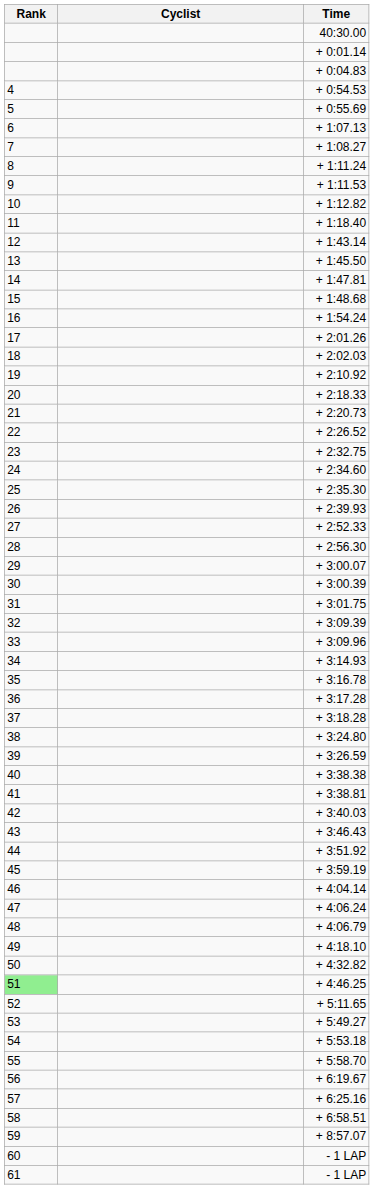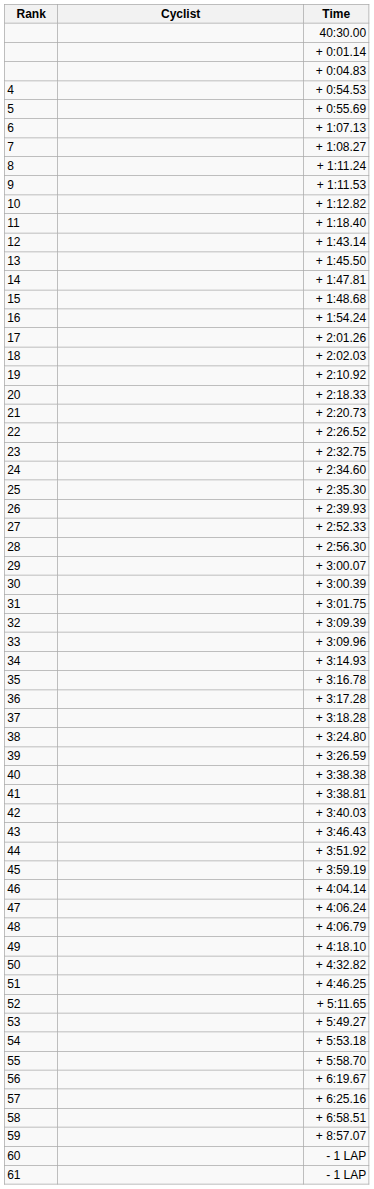 <table class="wikitable">
 <tr>
 <th style="width: 4em;">Rank</th>
 <th style="width: 20em;">Cyclist</th>
 <th style="width: 5em;">Time</th>
 </tr>
 <tr>
 <td></td>
 <td></td>
 <td align="right">40:30.00 </td>
 </tr>
 <tr>
 <td></td>
 <td></td>
 <td align="right">+ 0:01.14</td>
 </tr>
 <tr>
 <td></td>
 <td></td>
 <td align="right">+ 0:04.83</td>
 </tr>
 <tr>
 <td>4</td>
 <td></td>
 <td align="right">+ 0:54.53</td>
 </tr>
 <tr>
 <td>5</td>
 <td></td>
 <td align="right">+ 0:55.69</td>
 </tr>
 <tr>
 <td>6</td>
 <td></td>
 <td align="right">+ 1:07.13</td>
 </tr>
 <tr>
 <td>7</td>
 <td></td>
 <td align="right">+ 1:08.27</td>
 </tr>
 <tr>
 <td>8</td>
 <td></td>
 <td align="right">+ 1:11.24</td>
 </tr>
 <tr>
 <td>9</td>
 <td></td>
 <td align="right">+ 1:11.53</td>
 </tr>
 <tr>
 <td>10</td>
 <td></td>
 <td align="right">+ 1:12.82</td>
 </tr>
 <tr>
 <td>11</td>
 <td></td>
 <td align="right">+ 1:18.40</td>
 </tr>
 <tr>
 <td>12</td>
 <td></td>
 <td align="right">+ 1:43.14</td>
 </tr>
 <tr>
 <td>13</td>
 <td></td>
 <td align="right">+ 1:45.50</td>
 </tr>
 <tr>
 <td>14</td>
 <td></td>
 <td align="right">+ 1:47.81</td>
 </tr>
 <tr>
 <td>15</td>
 <td></td>
 <td align="right">+ 1:48.68</td>
 </tr>
 <tr>
 <td>16</td>
 <td></td>
 <td align="right">+ 1:54.24</td>
 </tr>
 <tr>
 <td>17</td>
 <td></td>
 <td align="right">+ 2:01.26</td>
 </tr>
 <tr>
 <td>18</td>
 <td></td>
 <td align="right">+ 2:02.03</td>
 </tr>
 <tr>
 <td>19</td>
 <td></td>
 <td align="right">+ 2:10.92</td>
 </tr>
 <tr>
 <td>20</td>
 <td></td>
 <td align="right">+ 2:18.33</td>
 </tr>
 <tr>
 <td>21</td>
 <td></td>
 <td align="right">+ 2:20.73</td>
 </tr>
 <tr>
 <td>22</td>
 <td></td>
 <td align="right">+ 2:26.52</td>
 </tr>
 <tr>
 <td>23</td>
 <td></td>
 <td align="right">+ 2:32.75</td>
 </tr>
 <tr>
 <td>24</td>
 <td></td>
 <td align="right">+ 2:34.60</td>
 </tr>
 <tr>
 <td>25</td>
 <td></td>
 <td align="right">+ 2:35.30</td>
 </tr>
 <tr>
 <td>26</td>
 <td></td>
 <td align="right">+ 2:39.93</td>
 </tr>
 <tr>
 <td>27</td>
 <td></td>
 <td align="right">+ 2:52.33</td>
 </tr>
 <tr>
 <td>28</td>
 <td></td>
 <td align="right">+ 2:56.30</td>
 </tr>
 <tr>
 <td>29</td>
 <td></td>
 <td align="right">+ 3:00.07</td>
 </tr>
 <tr>
 <td>30</td>
 <td></td>
 <td align="right">+ 3:00.39</td>
 </tr>
 <tr>
 <td>31</td>
 <td></td>
 <td align="right">+ 3:01.75</td>
 </tr>
 <tr>
 <td>32</td>
 <td></td>
 <td align="right">+ 3:09.39</td>
 </tr>
 <tr>
 <td>33</td>
 <td></td>
 <td align="right">+ 3:09.96</td>
 </tr>
 <tr>
 <td>34</td>
 <td></td>
 <td align="right">+ 3:14.93</td>
 </tr>
 <tr>
 <td>35</td>
 <td></td>
 <td align="right">+ 3:16.78</td>
 </tr>
 <tr>
 <td>36</td>
 <td></td>
 <td align="right">+ 3:17.28</td>
 </tr>
 <tr>
 <td>37</td>
 <td></td>
 <td align="right">+ 3:18.28</td>
 </tr>
 <tr>
 <td>38</td>
 <td></td>
 <td align="right">+ 3:24.80</td>
 </tr>
 <tr>
 <td>39</td>
 <td></td>
 <td align="right">+ 3:26.59</td>
 </tr>
 <tr>
 <td>40</td>
 <td></td>
 <td align="right">+ 3:38.38</td>
 </tr>
 <tr>
 <td>41</td>
 <td></td>
 <td align="right">+ 3:38.81</td>
 </tr>
 <tr>
 <td>42</td>
 <td></td>
 <td align="right">+ 3:40.03</td>
 </tr>
 <tr>
 <td>43</td>
 <td></td>
 <td align="right">+ 3:46.43</td>
 </tr>
 <tr>
 <td>44</td>
 <td></td>
 <td align="right">+ 3:51.92</td>
 </tr>
 <tr>
 <td>45</td>
 <td></td>
 <td align="right">+ 3:59.19</td>
 </tr>
 <tr>
 <td>46</td>
 <td></td>
 <td align="right">+ 4:04.14</td>
 </tr>
 <tr>
 <td>47</td>
 <td></td>
 <td align="right">+ 4:06.24</td>
 </tr>
 <tr>
 <td>48</td>
 <td></td>
 <td align="right">+ 4:06.79</td>
 </tr>
 <tr>
 <td>49</td>
 <td></td>
 <td align="right">+ 4:18.10</td>
 </tr>
 <tr>
 <td>50</td>
 <td></td>
 <td align="right">+ 4:32.82</td>
 </tr>
 <tr>
-<td style="background: lightgreen;">51</td>
+<td>51</td>
 <td></td>
 <td align="right">+ 4:46.25</td>
 </tr>
 <tr>
 <td>52</td>
 <td></td>
 <td align="right">+ 5:11.65</td>
 </tr>
 <tr>
 <td>53</td>
 <td></td>
 <td align="right">+ 5:49.27</td>
 </tr>
 <tr>
 <td>54</td>
 <td></td>
 <td align="right">+ 5:53.18</td>
 </tr>
 <tr>
 <td>55</td>
 <td></td>
 <td align="right">+ 5:58.70</td>
 </tr>
 <tr>
 <td>56</td>
 <td></td>
 <td align="right">+ 6:19.67</td>
 </tr>
 <tr>
 <td>57</td>
 <td></td>
 <td align="right">+ 6:25.16</td>
 </tr>
 <tr>
 <td>58</td>
 <td></td>
 <td align="right">+ 6:58.51</td>
 </tr>
 <tr>
 <td>59</td>
 <td></td>
 <td align="right">+ 8:57.07</td>
 </tr>
 <tr>
 <td>60</td>
 <td></td>
 <td align="right">- 1 LAP</td>
 </tr>
 <tr>
 <td>61</td>
 <td></td>
 <td align="right">- 1 LAP</td>
 </tr>
 </table>
